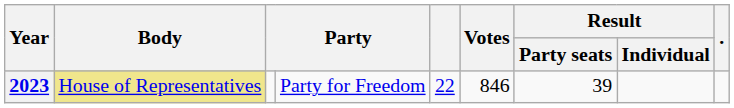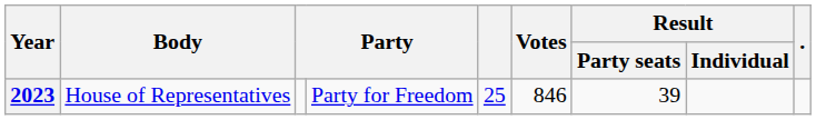 <table class="wikitable plainrowheaders sortable" border=2 cellpadding=4 cellspacing=0 style="border: 1px #aaa solid; font-size: 90%; text-align:center;">
 <tr>
 <th scope="col" rowspan=2>Year</th>
 <th scope="col" rowspan=2>Body</th>
 <th scope="col" colspan=2 rowspan=2>Party</th>
 <th scope="col" rowspan=2></th>
 <th scope="col" rowspan=2>Votes</th>
 <th scope="colgroup" colspan=2>Result</th>
 <th scope="col" rowspan=2 class="unsortable">.</th>
 </tr>
 <tr>
 <th scope="col">Party seats</th>
 <th scope="col">Individual</th>
 </tr>
 <tr>
 <th scope="row"><a href='#'>2023</a></th>
-<td style="background: khaki;"><a href='#'>House of Representatives</a></td>
+<td><a href='#'>House of Representatives</a></td>
 <td style="background-color:"></td>
 <td><a href='#'>Party for Freedom</a></td>
-<td style=text-align:right><a href='#'>22</a></td>
+<td style=text-align:right><a href='#'>25</a></td>
 <td style=text-align:right>846</td>
 <td style=text-align:right>39</td>
 <td></td>
 <td></td>
 </tr>
 </table>
